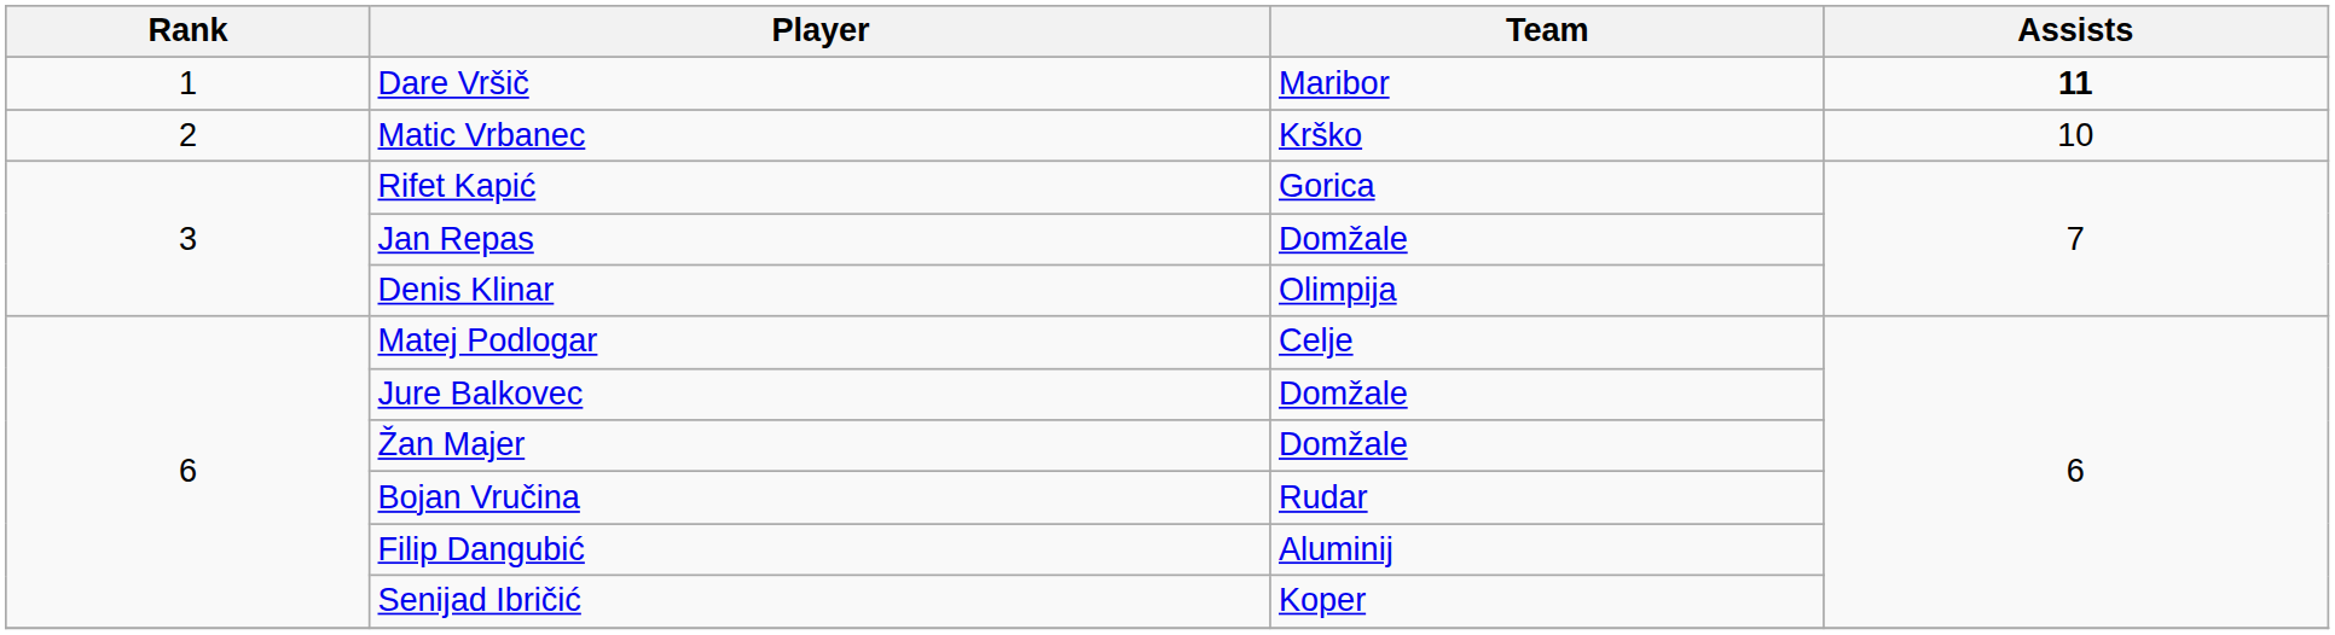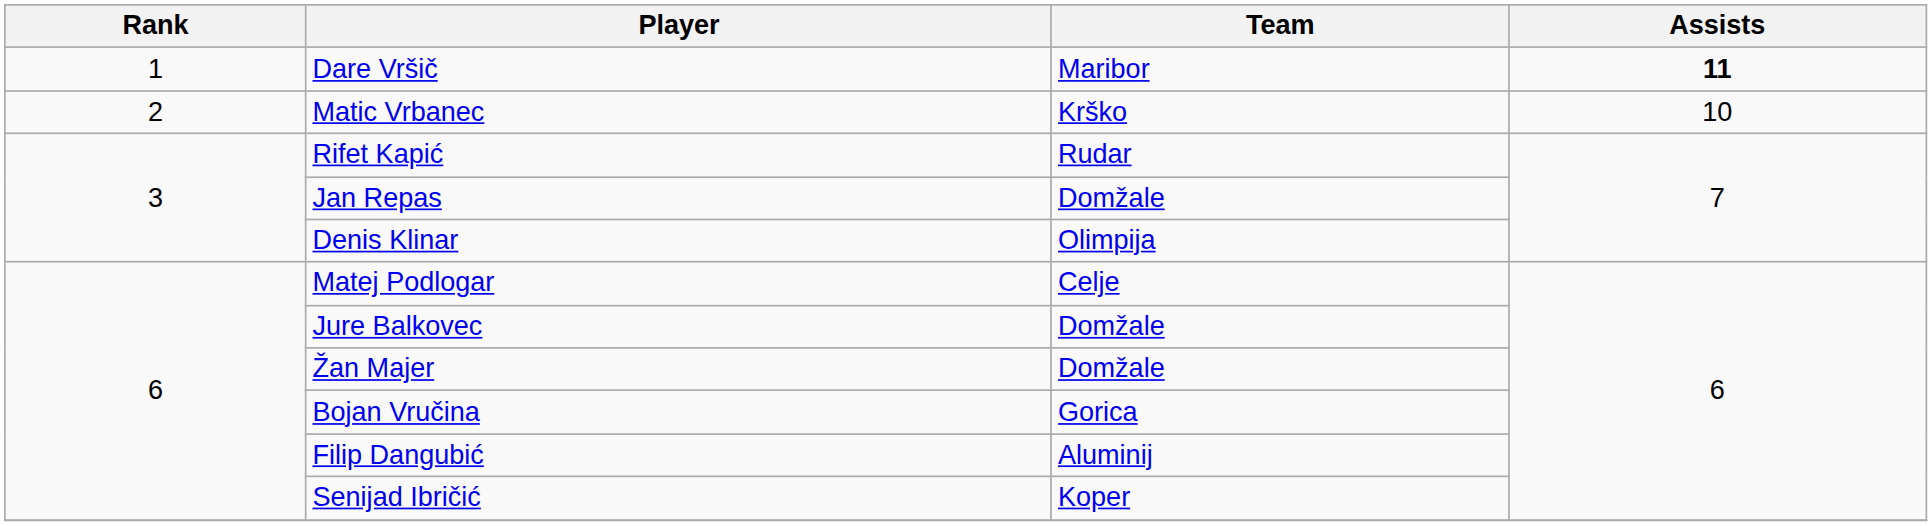 <table class="wikitable" style="text-align:center; width:90%">
 <tr>
 <th>Rank</th>
 <th>Player</th>
 <th>Team</th>
 <th>Assists</th>
 </tr>
 <tr>
 <td>1</td>
 <td align=left> <a href='#'>Dare Vršič</a></td>
 <td align=left><a href='#'>Maribor</a></td>
 <td><strong>11</strong></td>
 </tr>
 <tr>
 <td>2</td>
 <td align=left> <a href='#'>Matic Vrbanec</a></td>
 <td align=left><a href='#'>Krško</a></td>
 <td>10</td>
 </tr>
 <tr>
 <td rowspan="3">3</td>
 <td align=left> <a href='#'>Rifet Kapić</a></td>
-<td align=left><a href='#'>Gorica</a></td>
+<td align=left><a href='#'>Rudar</a></td>
 <td rowspan="3">7</td>
 </tr>
 <tr>
 <td align=left> <a href='#'>Jan Repas</a></td>
 <td align=left><a href='#'>Domžale</a></td>
 </tr>
 <tr>
 <td align=left> <a href='#'>Denis Klinar</a></td>
 <td align=left><a href='#'>Olimpija</a></td>
 </tr>
 <tr>
 <td rowspan="6">6</td>
 <td align=left> <a href='#'>Matej Podlogar</a></td>
 <td align=left><a href='#'>Celje</a></td>
 <td rowspan="6">6</td>
 </tr>
 <tr>
 <td align=left> <a href='#'>Jure Balkovec</a></td>
 <td align=left><a href='#'>Domžale</a></td>
 </tr>
 <tr>
 <td align=left> <a href='#'>Žan Majer</a></td>
 <td align=left><a href='#'>Domžale</a></td>
 </tr>
 <tr>
 <td align=left> <a href='#'>Bojan Vručina</a></td>
-<td align=left><a href='#'>Rudar</a></td>
+<td align=left><a href='#'>Gorica</a></td>
 </tr>
 <tr>
 <td align=left> <a href='#'>Filip Dangubić</a></td>
 <td align=left><a href='#'>Aluminij</a></td>
 </tr>
 <tr>
 <td align=left> <a href='#'>Senijad Ibričić</a></td>
 <td align=left><a href='#'>Koper</a></td>
 </tr>
 <tr>
 </tr>
 </table>
